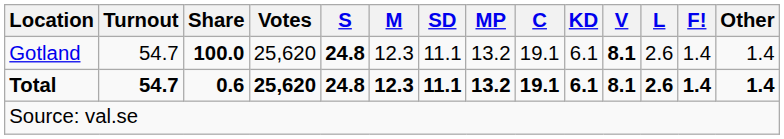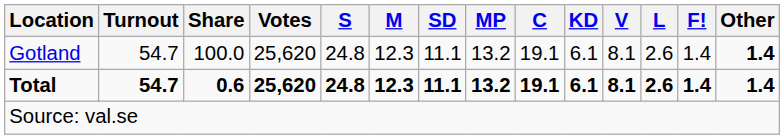 <table class="wikitable sortable" style=text-align:right>
 <tr>
 <th>Location</th>
 <th>Turnout</th>
 <th>Share</th>
 <th>Votes</th>
 <th><a href='#'>S</a></th>
 <th><a href='#'>M</a></th>
 <th><a href='#'>SD</a></th>
 <th><a href='#'>MP</a></th>
 <th><a href='#'>C</a></th>
 <th><a href='#'>KD</a></th>
 <th><a href='#'>V</a></th>
 <th><a href='#'>L</a></th>
 <th><a href='#'>F!</a></th>
 <th>Other</th>
 </tr>
 <tr>
 <td align=left><a href='#'>Gotland</a></td>
 <td>54.7</td>
-<td><strong>100.0</strong></td>
+<td>100.0</td>
 <td>25,620</td>
-<td><strong>24.8</strong></td>
+<td>24.8</td>
 <td>12.3</td>
 <td>11.1</td>
 <td>13.2</td>
 <td>19.1</td>
 <td>6.1</td>
-<td><strong>8.1</strong></td>
+<td>8.1</td>
 <td>2.6</td>
 <td>1.4</td>
-<td>1.4</td>
+<td><strong>1.4</strong></td>
 </tr>
 <tr>
 <td align=left><strong>Total</strong></td>
 <td><strong>54.7</strong></td>
 <td><strong>0.6</strong></td>
 <td><strong>25,620</strong></td>
 <td><strong>24.8</strong></td>
 <td><strong>12.3</strong></td>
 <td><strong>11.1</strong></td>
 <td><strong>13.2</strong></td>
 <td><strong>19.1</strong></td>
 <td><strong>6.1</strong></td>
 <td><strong>8.1</strong></td>
 <td><strong>2.6</strong></td>
 <td><strong>1.4</strong></td>
 <td><strong>1.4</strong></td>
 </tr>
 <tr>
 <td align=left colspan=14>Source: val.se </td>
 </tr>
 </table>
